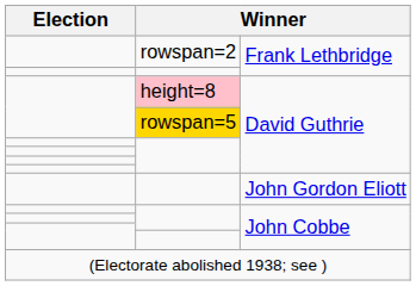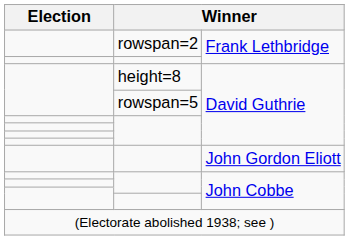 <table class=wikitable>
 <tr>
 <th width=100>Election</th>
 <th width=175 colspan=2>Winner</th>
 </tr>
 <tr>
 <td></td>
 <td>rowspan=2 </td>
 <td rowspan=2><a href='#'>Frank Lethbridge</a></td>
 </tr>
 <tr>
 <td></td>
 </tr>
 <tr>
 <td rowspan=2></td>
-<td style="background: pink;">height=8 </td>
+<td>height=8 </td>
 <td rowspan=6><a href='#'>David Guthrie</a></td>
 </tr>
 <tr>
-<td style="background: gold;">rowspan=5 </td>
+<td>rowspan=5 </td>
 </tr>
 <tr>
 <td></td>
 </tr>
 <tr>
 <td></td>
 </tr>
 <tr>
 <td></td>
 </tr>
 <tr>
 <td></td>
 </tr>
 <tr>
 <td></td>
 <td></td>
 <td><a href='#'>John Gordon Eliott</a></td>
 </tr>
 <tr>
 <td></td>
 <td rowspan=2 style="border-bottom:solid 0 grey; background:"></td>
 <td rowspan = 4><a href='#'>John Cobbe</a></td>
 </tr>
 <tr>
 <td></td>
 </tr>
 <tr>
 <td rowspan = 2></td>
 <td style="border-top:solid 0 grey; background:"></td>
 </tr>
 <tr>
 <td height=8 style="border-top:solid 0 grey; background:"></td>
 </tr>
 <tr>
 <td colspan=3 align=center><small>(Electorate abolished 1938; see )</small></td>
 </tr>
 </table>
